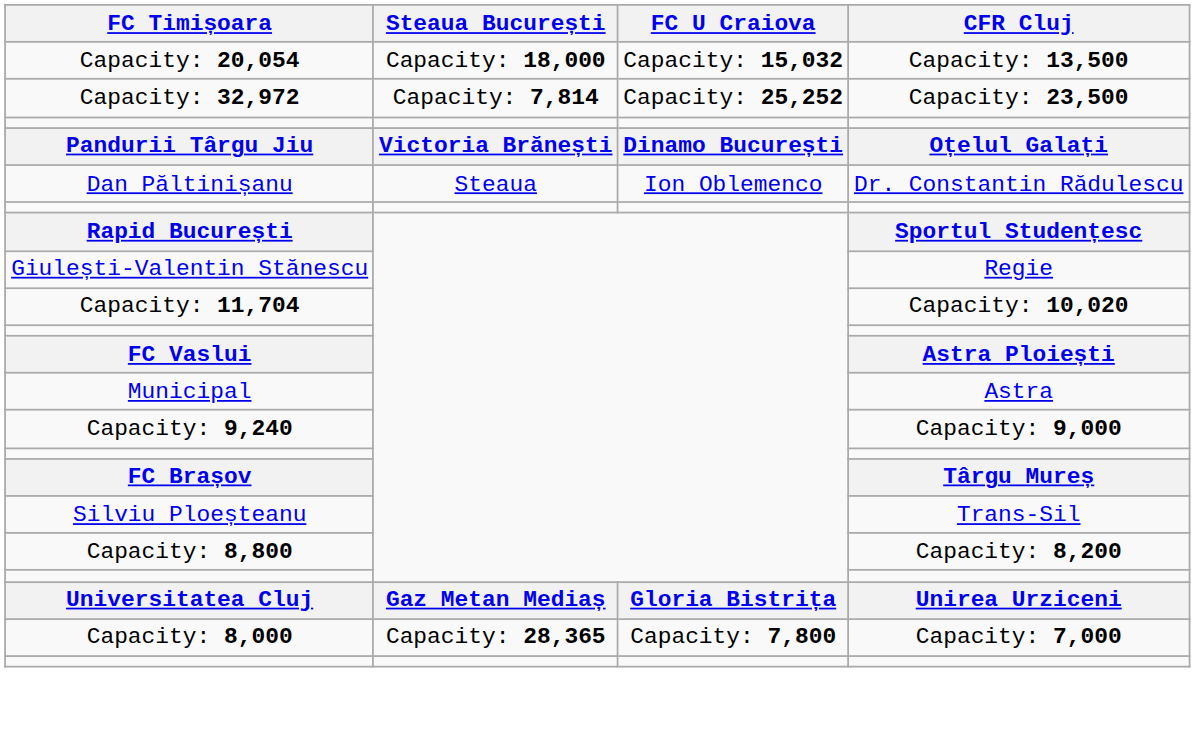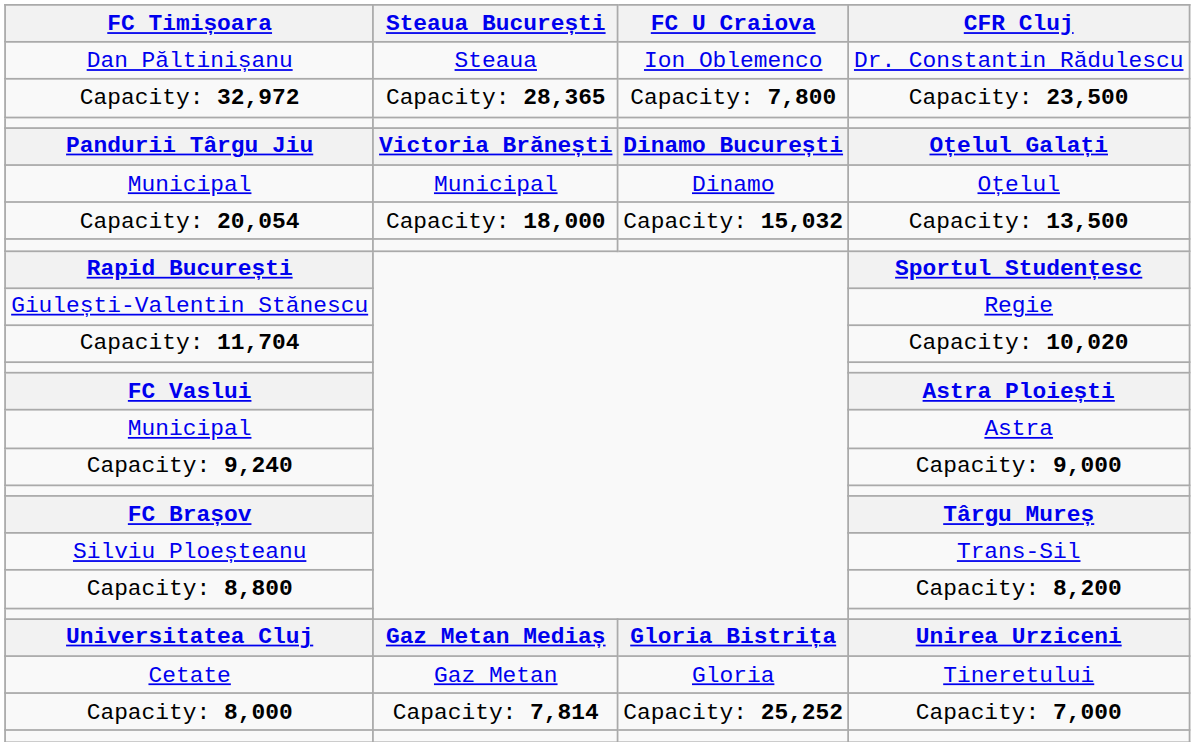 <table class="wikitable" style="text-align:center;margin:0.5em auto;">
 <tr>
 <th><a href='#'>FC Timișoara</a></th>
 <th><a href='#'>Steaua București</a></th>
 <th><a href='#'>FC U Craiova</a></th>
 <th><a href='#'>CFR Cluj</a></th>
 </tr>
 <tr>
-<td>Capacity: <strong>20,054</strong></td>
-<td>Capacity: <strong>18,000</strong></td>
-<td>Capacity: <strong>15,032</strong></td>
-<td>Capacity: <strong>13,500</strong></td>
+<td><a href='#'>Dan Păltinișanu</a></td>
+<td><a href='#'>Steaua</a></td>
+<td><a href='#'>Ion Oblemenco</a></td>
+<td><a href='#'>Dr. Constantin Rădulescu</a></td>
 </tr>
 <tr>
 <td>Capacity: <strong>32,972</strong></td>
-<td>Capacity: <strong>7,814</strong></td>
-<td>Capacity: <strong>25,252</strong></td>
+<td>Capacity: <strong>28,365</strong></td>
+<td>Capacity: <strong>7,800</strong></td>
 <td>Capacity: <strong>23,500</strong></td>
 </tr>
 <tr>
 <td></td>
 <td></td>
 <td></td>
 <td></td>
 </tr>
 <tr>
 <th><a href='#'>Pandurii Târgu Jiu</a></th>
 <th><a href='#'>Victoria Brănești</a></th>
 <th><a href='#'>Dinamo București</a></th>
 <th><a href='#'>Oțelul Galați</a></th>
 </tr>
 <tr>
-<td><a href='#'>Dan Păltinișanu</a></td>
-<td><a href='#'>Steaua</a></td>
-<td><a href='#'>Ion Oblemenco</a></td>
-<td><a href='#'>Dr. Constantin Rădulescu</a></td>
+<td><a href='#'>Municipal</a></td>
+<td><a href='#'>Municipal</a></td>
+<td><a href='#'>Dinamo</a></td>
+<td><a href='#'>Oțelul</a></td>
+</tr>
+<tr>
+<td>Capacity: <strong>20,054</strong></td>
+<td>Capacity: <strong>18,000</strong></td>
+<td>Capacity: <strong>15,032</strong></td>
+<td>Capacity: <strong>13,500</strong></td>
 </tr>
 <tr>
 <td></td>
 <td></td>
 <td></td>
 <td></td>
 </tr>
 <tr>
 <th><a href='#'>Rapid București</a></th>
 <td colspan="2" rowspan="12"><br> </td>
 <th><a href='#'>Sportul Studențesc</a></th>
 </tr>
 <tr>
 <td><a href='#'>Giulești-Valentin Stănescu</a></td>
 <td><a href='#'>Regie</a></td>
 </tr>
 <tr>
 <td>Capacity: <strong>11,704</strong></td>
 <td>Capacity: <strong>10,020</strong></td>
 </tr>
 <tr>
 <td></td>
 <td></td>
 </tr>
 <tr>
 <th><a href='#'>FC Vaslui</a></th>
 <th><a href='#'>Astra Ploiești</a></th>
 </tr>
 <tr>
 <td><a href='#'>Municipal</a></td>
 <td><a href='#'>Astra</a></td>
 </tr>
 <tr>
 <td>Capacity: <strong>9,240</strong></td>
 <td>Capacity: <strong>9,000</strong></td>
 </tr>
 <tr>
 <td></td>
 <td></td>
 </tr>
 <tr>
 <th><a href='#'>FC Brașov</a></th>
 <th><a href='#'>Târgu Mureș</a></th>
 </tr>
 <tr>
 <td><a href='#'>Silviu Ploeșteanu</a></td>
 <td><a href='#'>Trans-Sil</a></td>
 </tr>
 <tr>
 <td>Capacity: <strong>8,800</strong></td>
 <td>Capacity: <strong>8,200</strong></td>
 </tr>
 <tr>
 <td></td>
 <td></td>
 </tr>
 <tr>
 <th><a href='#'>Universitatea Cluj</a></th>
 <th><a href='#'>Gaz Metan Mediaș</a></th>
 <th><a href='#'>Gloria Bistrița</a></th>
 <th><a href='#'>Unirea Urziceni</a></th>
 </tr>
 <tr>
+<td><a href='#'>Cetate</a></td>
+<td><a href='#'>Gaz Metan</a></td>
+<td><a href='#'>Gloria</a></td>
+<td><a href='#'>Tineretului</a></td>
+</tr>
+<tr>
 <td>Capacity: <strong>8,000</strong></td>
-<td>Capacity: <strong>28,365</strong></td>
-<td>Capacity: <strong>7,800</strong></td>
+<td>Capacity: <strong>7,814</strong></td>
+<td>Capacity: <strong>25,252</strong></td>
 <td>Capacity: <strong>7,000</strong></td>
 </tr>
 <tr>
 <td></td>
 <td></td>
 <td></td>
 <td></td>
 </tr>
 </table>
